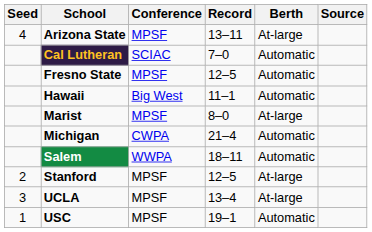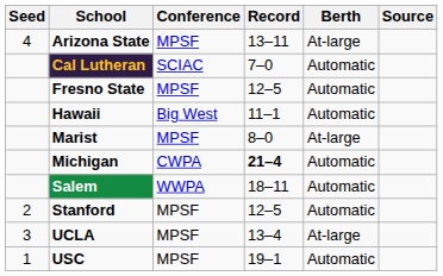 <table class="wikitable sortable plainrowheaders">
 <tr>
 <th scope="col">Seed</th>
 <th scope="col">School</th>
 <th scope="col">Conference</th>
 <th scope="col">Record</th>
 <th scope="col">Berth</th>
 <th scope="col">Source</th>
 </tr>
 <tr>
 <td style="text-align:center">4</td>
 <td><strong>Arizona State</strong></td>
 <td><a href='#'>MPSF</a></td>
 <td>13–11</td>
 <td>At-large</td>
 <td></td>
 </tr>
 <tr>
 <td></td>
 <td style="background:#2e1b46; color:#ffc222"><strong>Cal Lutheran</strong></td>
 <td><a href='#'>SCIAC</a></td>
 <td>7–0</td>
 <td>Automatic</td>
 <td></td>
 </tr>
 <tr>
 <td></td>
 <td style=><strong>Fresno State</strong></td>
 <td><a href='#'>MPSF</a></td>
 <td>12–5</td>
 <td>Automatic</td>
 <td></td>
 </tr>
 <tr>
 <td></td>
 <td style=><strong>Hawaii</strong></td>
 <td><a href='#'>Big West</a></td>
 <td>11–1</td>
 <td>Automatic</td>
 <td></td>
 </tr>
 <tr>
 <td></td>
 <td style=><strong>Marist</strong></td>
 <td><a href='#'>MPSF</a></td>
 <td>8–0</td>
 <td>At-large</td>
 <td></td>
 </tr>
 <tr>
 <td></td>
 <td style=><strong>Michigan</strong></td>
 <td><a href='#'>CWPA</a></td>
-<td>21–4</td>
+<td><strong>21–4</strong></td>
 <td>Automatic</td>
 <td></td>
 </tr>
 <tr>
 <td></td>
 <td style="background:#138b43; color:#ffffff"><strong>Salem</strong></td>
 <td><a href='#'>WWPA</a></td>
 <td>18–11</td>
 <td>Automatic</td>
 <td></td>
 </tr>
 <tr>
 <td style="text-align:center">2</td>
 <td style=><strong>Stanford</strong></td>
 <td>MPSF</td>
 <td>12–5</td>
-<td>At-large</td>
+<td>Automatic</td>
 <td></td>
 </tr>
 <tr>
 <td style="text-align:center">3</td>
 <td style=><strong>UCLA</strong></td>
 <td>MPSF</td>
 <td>13–4</td>
 <td>At-large</td>
 <td></td>
 </tr>
 <tr>
 <td style="text-align:center">1</td>
 <td style=><strong>USC</strong></td>
 <td>MPSF</td>
 <td>19–1</td>
 <td>Automatic</td>
 <td></td>
 </tr>
 </table>
